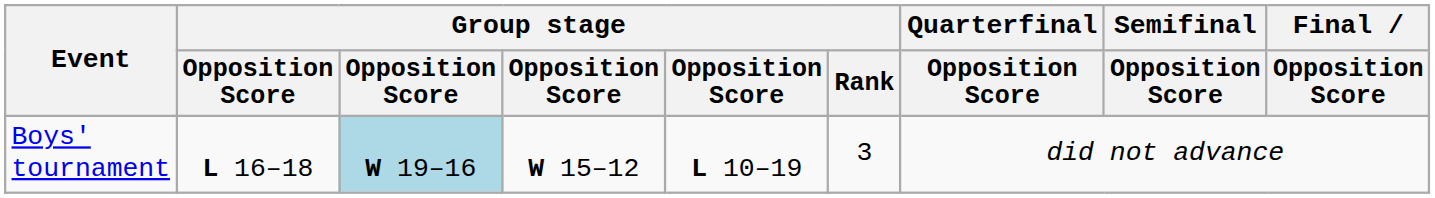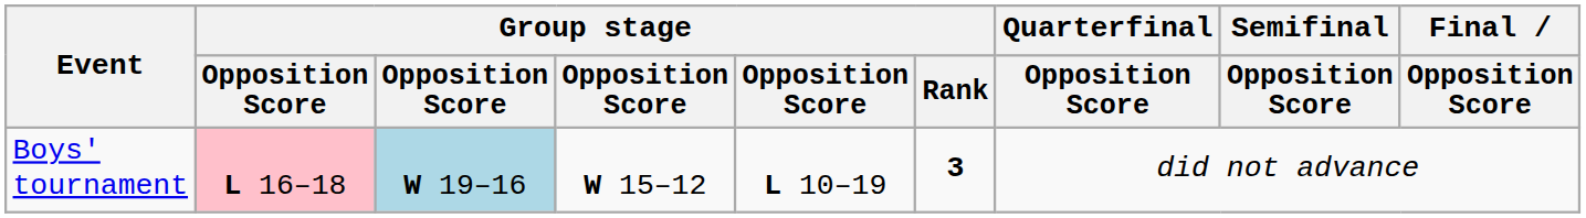 <table class="wikitable" style="font-size:90%">
 <tr>
 <th rowspan=2>Event</th>
 <th colspan=5>Group stage</th>
 <th>Quarterfinal</th>
 <th>Semifinal</th>
 <th>Final / </th>
 </tr>
 <tr style="font-size:95%">
 <th>Opposition<br>Score</th>
 <th>Opposition<br>Score</th>
 <th>Opposition<br>Score</th>
 <th>Opposition<br>Score</th>
 <th>Rank</th>
 <th>Opposition<br>Score</th>
 <th>Opposition<br>Score</th>
 <th>Opposition<br>Score</th>
 </tr>
 <tr align=center>
 <td align=left><a href='#'>Boys' tournament</a></td>
-<td> <br> <strong>L</strong> 16–18</td>
+<td style="background: pink;"> <br> <strong>L</strong> 16–18</td>
 <td style="background: lightblue;"> <br> <strong>W</strong> 19–16</td>
 <td> <br> <strong>W</strong> 15–12</td>
 <td> <br> <strong>L</strong> 10–19</td>
-<td>3</td>
+<td><strong>3</strong></td>
 <td Colspan=3><em>did not advance</em></td>
 </tr>
 </table>
